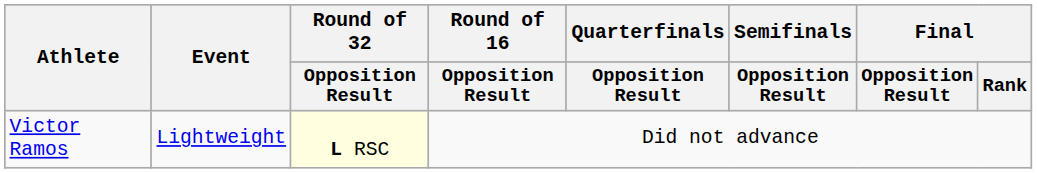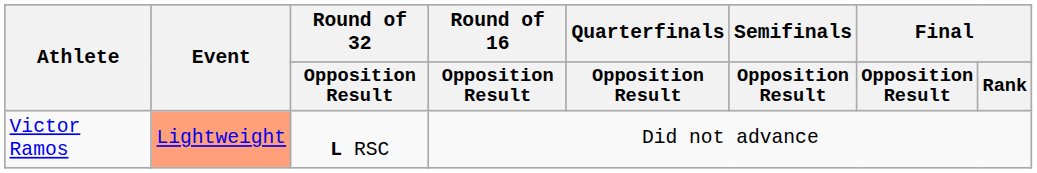 <table class="wikitable" style="font-size:90%">
 <tr>
 <th rowspan="2">Athlete</th>
 <th rowspan="2">Event</th>
 <th>Round of 32</th>
 <th>Round of 16</th>
 <th>Quarterfinals</th>
 <th>Semifinals</th>
 <th colspan=2>Final</th>
 </tr>
 <tr style="font-size:95%">
 <th>Opposition<br>Result</th>
 <th>Opposition<br>Result</th>
 <th>Opposition<br>Result</th>
 <th>Opposition<br>Result</th>
 <th>Opposition<br>Result</th>
 <th>Rank</th>
 </tr>
 <tr align=center>
 <td align=left><a href='#'>Victor Ramos</a></td>
-<td align=left><a href='#'>Lightweight</a></td>
-<td style="background: lightyellow;"><br><strong>L</strong> RSC</td>
+<td align=left style="background: lightsalmon;"><a href='#'>Lightweight</a></td>
+<td><br><strong>L</strong> RSC</td>
 <td colspan=6>Did not advance</td>
 </tr>
 </table>
